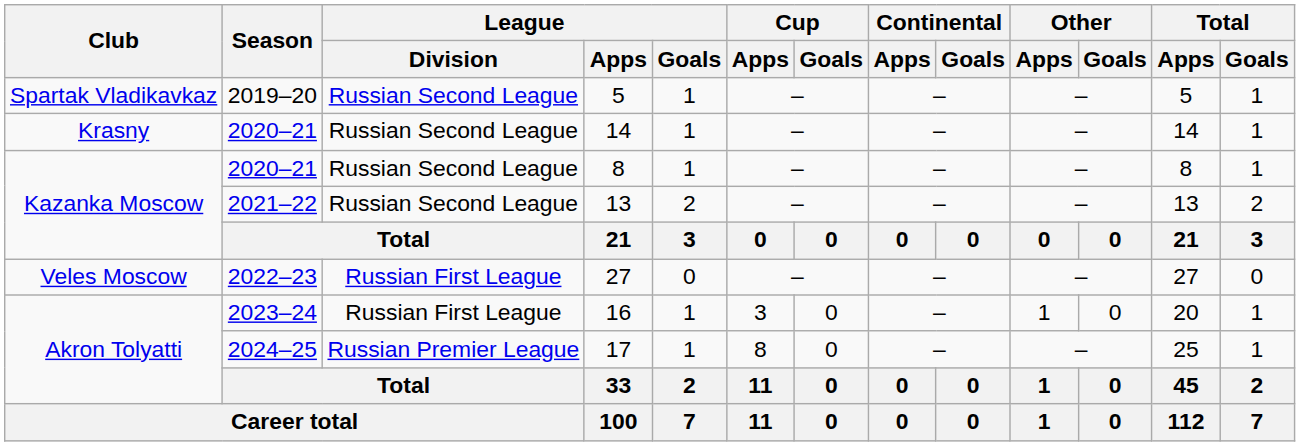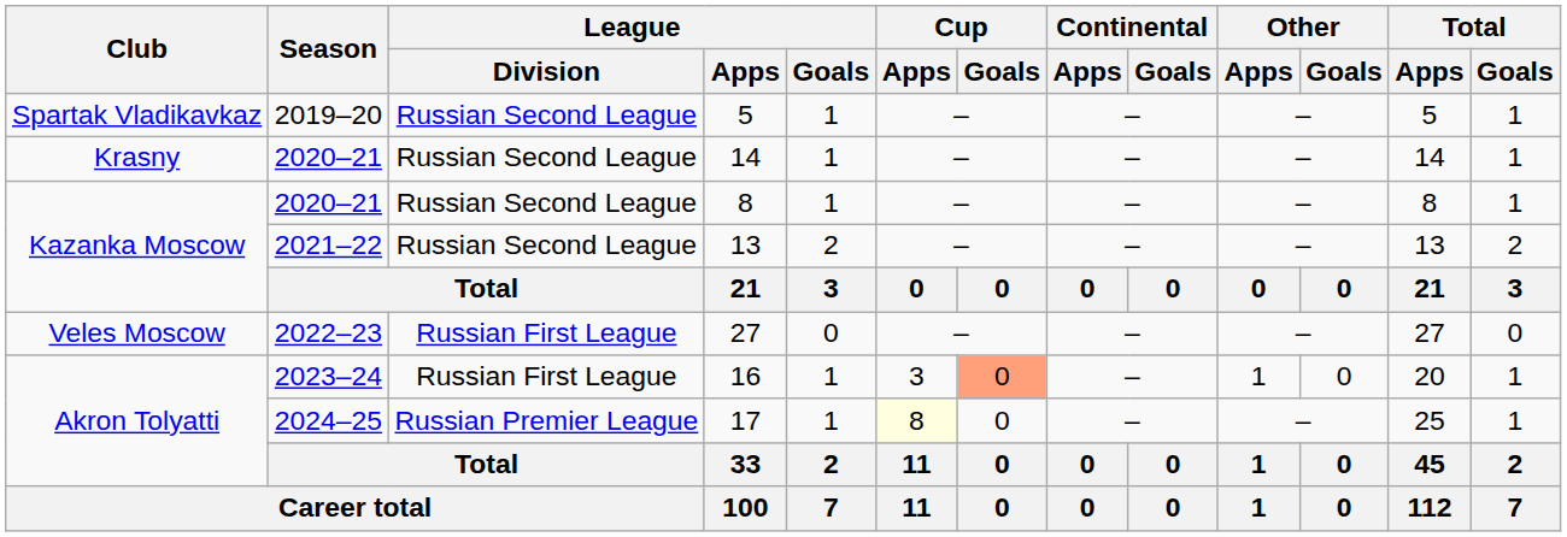 <table class="wikitable" style="text-align: center;">
 <tr>
 <th rowspan=2>Club</th>
 <th rowspan=2>Season</th>
 <th colspan=3>League</th>
 <th colspan=2>Cup</th>
 <th colspan=2>Continental</th>
 <th colspan=2>Other</th>
 <th colspan=2>Total</th>
 </tr>
 <tr>
 <th>Division</th>
 <th>Apps</th>
 <th>Goals</th>
 <th>Apps</th>
 <th>Goals</th>
 <th>Apps</th>
 <th>Goals</th>
 <th>Apps</th>
 <th>Goals</th>
 <th>Apps</th>
 <th>Goals</th>
 </tr>
 <tr>
 <td><a href='#'>Spartak Vladikavkaz</a></td>
 <td>2019–20</td>
 <td><a href='#'>Russian Second League</a></td>
 <td>5</td>
 <td>1</td>
 <td colspan=2>–</td>
 <td colspan=2>–</td>
 <td colspan=2>–</td>
 <td>5</td>
 <td>1</td>
 </tr>
 <tr>
 <td><a href='#'>Krasny</a></td>
 <td><a href='#'>2020–21</a></td>
 <td>Russian Second League</td>
 <td>14</td>
 <td>1</td>
 <td colspan=2>–</td>
 <td colspan=2>–</td>
 <td colspan=2>–</td>
 <td>14</td>
 <td>1</td>
 </tr>
 <tr>
 <td rowspan="3"><a href='#'>Kazanka Moscow</a></td>
 <td><a href='#'>2020–21</a></td>
 <td>Russian Second League</td>
 <td>8</td>
 <td>1</td>
 <td colspan=2>–</td>
 <td colspan=2>–</td>
 <td colspan=2>–</td>
 <td>8</td>
 <td>1</td>
 </tr>
 <tr>
 <td><a href='#'>2021–22</a></td>
 <td>Russian Second League</td>
 <td>13</td>
 <td>2</td>
 <td colspan=2>–</td>
 <td colspan=2>–</td>
 <td colspan=2>–</td>
 <td>13</td>
 <td>2</td>
 </tr>
 <tr>
 <th colspan=2>Total</th>
 <th>21</th>
 <th>3</th>
 <th>0</th>
 <th>0</th>
 <th>0</th>
 <th>0</th>
 <th>0</th>
 <th>0</th>
 <th>21</th>
 <th>3</th>
 </tr>
 <tr>
 <td><a href='#'>Veles Moscow</a></td>
 <td><a href='#'>2022–23</a></td>
 <td><a href='#'>Russian First League</a></td>
 <td>27</td>
 <td>0</td>
 <td colspan=2>–</td>
 <td colspan=2>–</td>
 <td colspan=2>–</td>
 <td>27</td>
 <td>0</td>
 </tr>
 <tr>
 <td rowspan="3"><a href='#'>Akron Tolyatti</a></td>
 <td><a href='#'>2023–24</a></td>
 <td>Russian First League</td>
 <td>16</td>
 <td>1</td>
 <td>3</td>
-<td>0</td>
+<td style="background: lightsalmon;">0</td>
 <td colspan=2>–</td>
 <td>1</td>
 <td>0</td>
 <td>20</td>
 <td>1</td>
 </tr>
 <tr>
 <td><a href='#'>2024–25</a></td>
 <td><a href='#'>Russian Premier League</a></td>
 <td>17</td>
 <td>1</td>
-<td>8</td>
+<td style="background: lightyellow;">8</td>
 <td>0</td>
 <td colspan=2>–</td>
 <td colspan=2>–</td>
 <td>25</td>
 <td>1</td>
 </tr>
 <tr>
 <th colspan=2>Total</th>
 <th>33</th>
 <th>2</th>
 <th>11</th>
 <th>0</th>
 <th>0</th>
 <th>0</th>
 <th>1</th>
 <th>0</th>
 <th>45</th>
 <th>2</th>
 </tr>
 <tr>
 <th colspan=3>Career total</th>
 <th>100</th>
 <th>7</th>
 <th>11</th>
 <th>0</th>
 <th>0</th>
 <th>0</th>
 <th>1</th>
 <th>0</th>
 <th>112</th>
 <th>7</th>
 </tr>
 </table>
